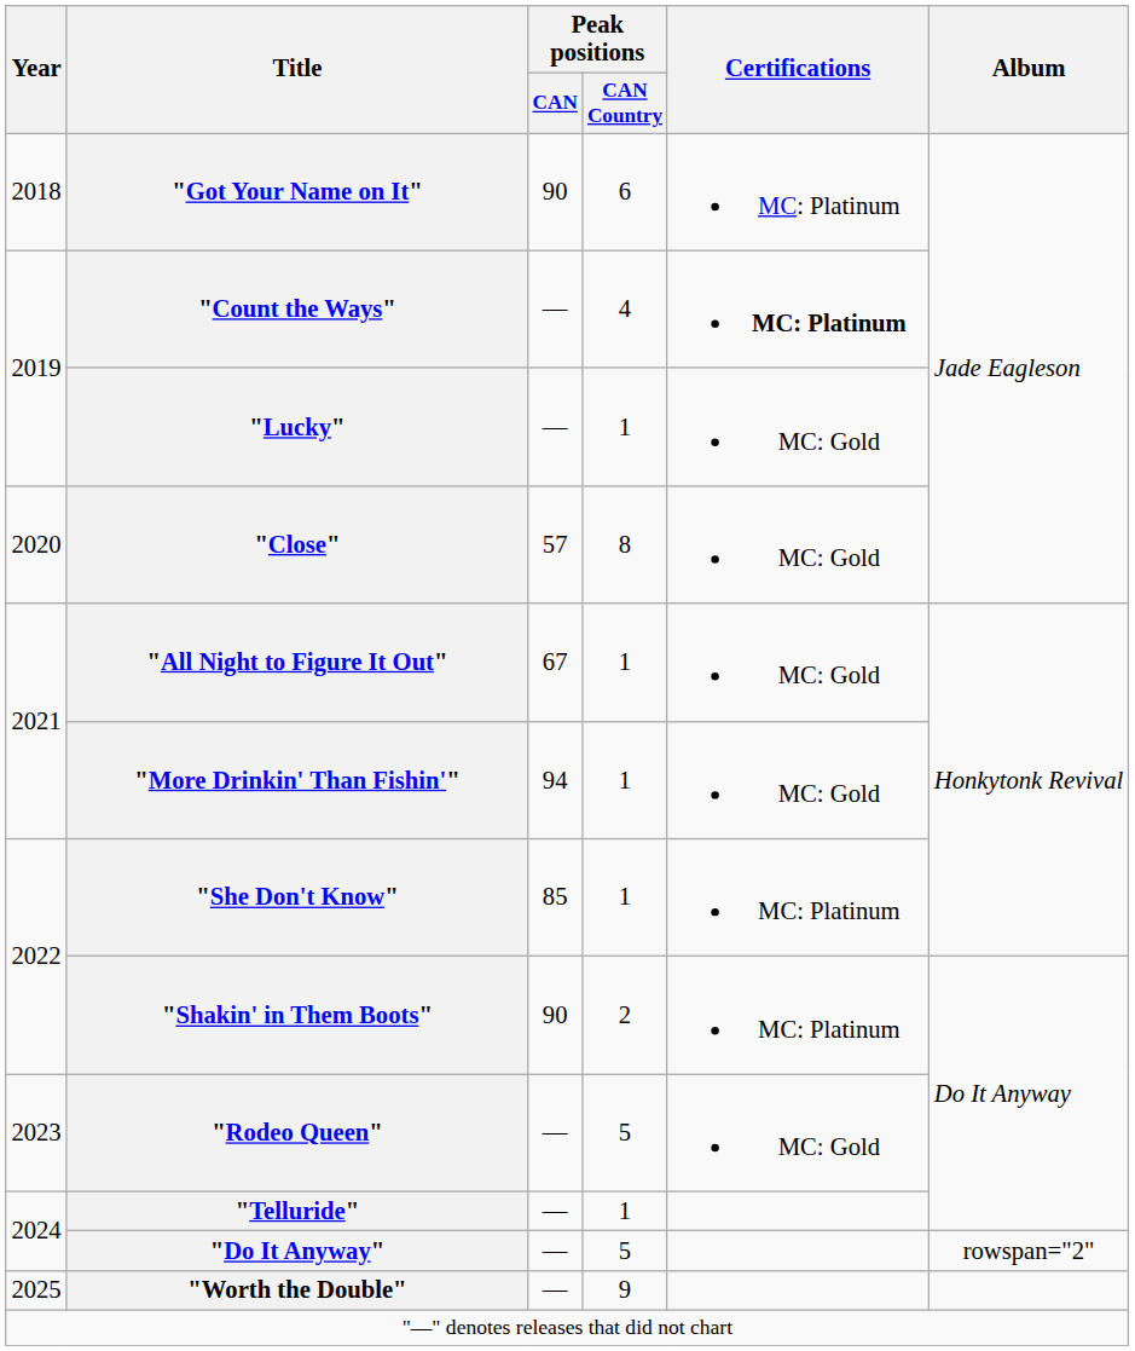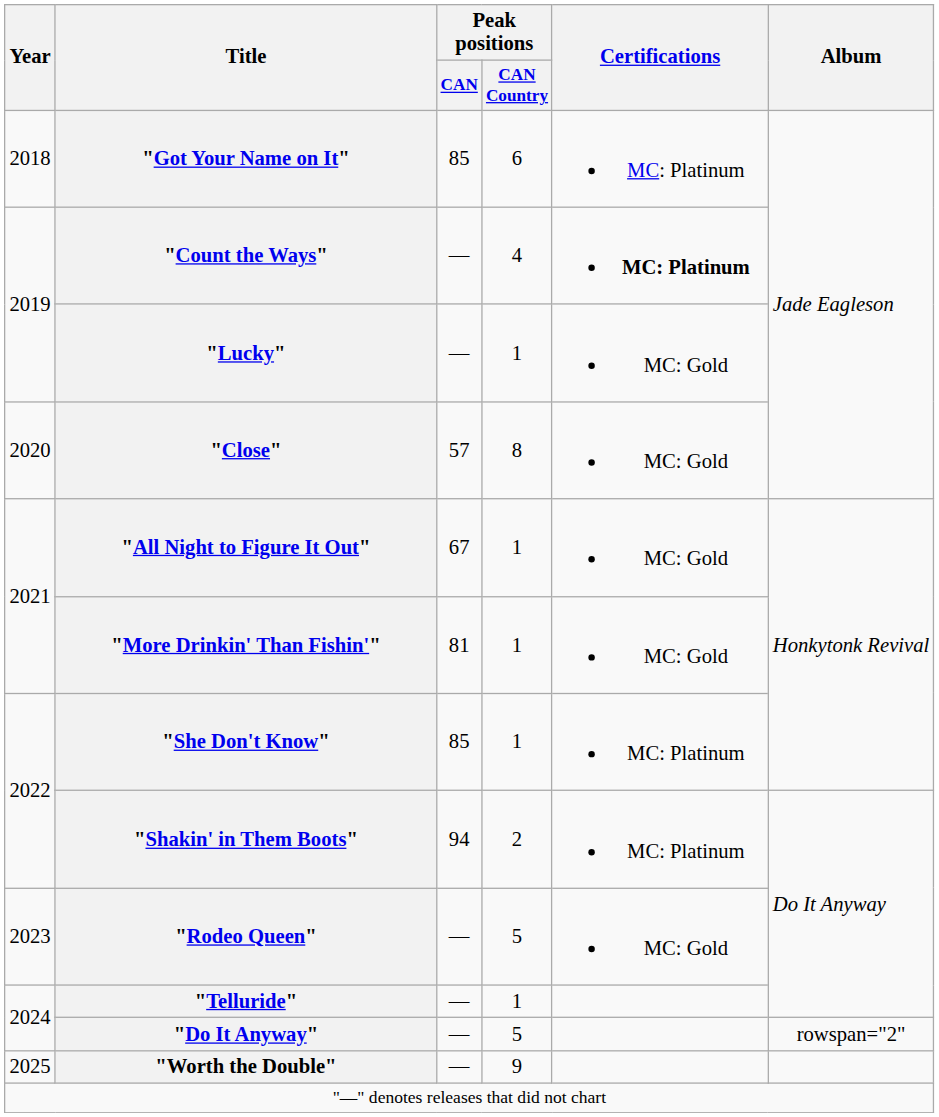 <table class="wikitable plainrowheaders" style="text-align:center;">
 <tr>
 <th scope="col" rowspan="2">Year</th>
 <th scope="col" rowspan="2" style="width:18em;">Title</th>
 <th scope="col" colspan="2">Peak<br>positions</th>
 <th scope="col" rowspan="2" style="width:10em;"><a href='#'>Certifications</a></th>
 <th scope="col" rowspan="2">Album</th>
 </tr>
 <tr style="font-size:smaller;">
 <th scope="col"><a href='#'>CAN</a><br></th>
 <th scope="col"><a href='#'>CAN<br>Country</a><br></th>
 </tr>
 <tr>
 <td>2018</td>
 <th scope="row">"<a href='#'>Got Your Name on It</a>"</th>
-<td>90</td>
+<td>85</td>
 <td>6</td>
 <td><br><ul><li><a href='#'>MC</a>: Platinum</li></ul></td>
 <td align="left" rowspan="4"><em>Jade Eagleson</em></td>
 </tr>
 <tr>
 <td rowspan="2">2019</td>
 <th scope="row">"<a href='#'>Count the Ways</a>"</th>
 <td>—</td>
 <td>4</td>
 <td><strong><br><ul><li>MC: Platinum</li></ul></strong></td>
 </tr>
 <tr>
 <th scope="row">"<a href='#'>Lucky</a>"</th>
 <td>—</td>
 <td>1</td>
 <td><br><ul><li>MC: Gold</li></ul></td>
 </tr>
 <tr>
 <td>2020</td>
 <th scope="row">"<a href='#'>Close</a>"</th>
 <td>57</td>
 <td>8</td>
 <td><br><ul><li>MC: Gold</li></ul></td>
 </tr>
 <tr>
 <td rowspan="2">2021</td>
 <th scope="row">"<a href='#'>All Night to Figure It Out</a>"</th>
 <td>67</td>
 <td>1</td>
 <td><br><ul><li>MC: Gold</li></ul></td>
 <td align="left" rowspan="3"><em>Honkytonk Revival</em></td>
 </tr>
 <tr>
 <th scope="row">"<a href='#'>More Drinkin' Than Fishin'</a>"<br></th>
-<td>94</td>
+<td>81</td>
 <td>1</td>
 <td><br><ul><li>MC: Gold</li></ul></td>
 </tr>
 <tr>
 <td rowspan="2">2022</td>
 <th scope="row">"<a href='#'>She Don't Know</a>"</th>
 <td>85</td>
 <td>1</td>
 <td><br><ul><li>MC: Platinum</li></ul></td>
 </tr>
 <tr>
 <th scope="row">"<a href='#'>Shakin' in Them Boots</a>"</th>
-<td>90</td>
+<td>94</td>
 <td>2</td>
 <td><br><ul><li>MC: Platinum</li></ul></td>
 <td align="left" rowspan="3"><em>Do It Anyway</em></td>
 </tr>
 <tr>
 <td>2023</td>
 <th scope="row">"<a href='#'>Rodeo Queen</a>"</th>
 <td>—</td>
 <td>5</td>
 <td><br><ul><li>MC: Gold</li></ul></td>
 </tr>
 <tr>
 <td rowspan="2">2024</td>
 <th scope="row">"<a href='#'>Telluride</a>"</th>
 <td>—</td>
 <td>1</td>
 <td></td>
 </tr>
 <tr>
 <th scope="row">"<a href='#'>Do It Anyway</a>"<br></th>
 <td>—</td>
 <td>5</td>
 <td></td>
 <td>rowspan="2" </td>
 </tr>
 <tr>
 <td>2025</td>
 <th scope="row">"Worth the Double"</th>
 <td>—</td>
 <td>9</td>
 <td></td>
 </tr>
 <tr>
 <td colspan="6" style="font-size:85%">"—" denotes releases that did not chart</td>
 </tr>
 </table>
